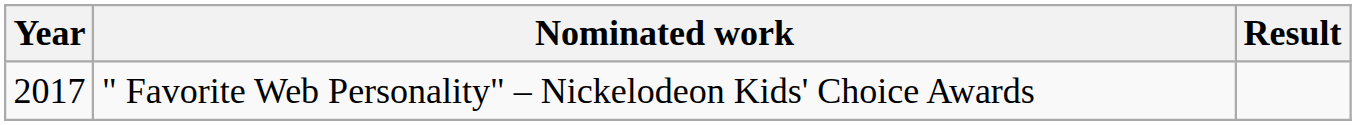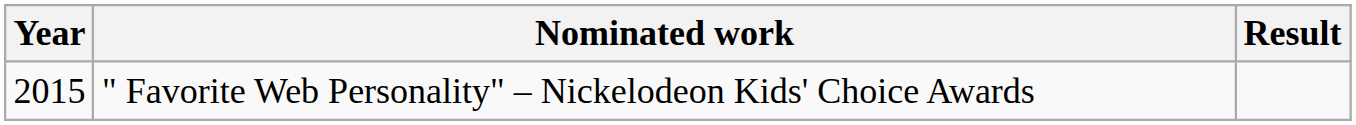 <table class="wikitable sortable plainrowheaders" style="margin-right: 0;">
 <tr>
 <th width="30”">Year</th>
 <th width="500">Nominated work</th>
 <th width="30">Result</th>
 </tr>
 <tr>
-<td scope="row">2017</td>
+<td scope="row">2015</td>
 <td>" Favorite Web Personality" – Nickelodeon Kids' Choice Awards</td>
 <td></td>
 </tr>
 </table>
